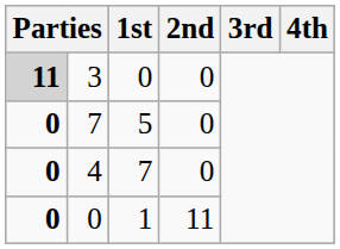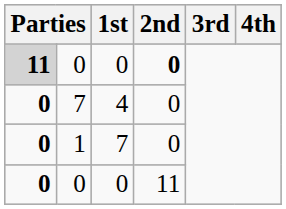 <table class="wikitable" style="text-align:right;">
 <tr>
 <th colspan=2 style="text-align:left;">Parties</th>
 <th>1st</th>
 <th>2nd</th>
 <th>3rd</th>
 <th>4th</th>
 </tr>
 <tr>
 <td style="background: lightgrey;"><strong>11</strong></td>
-<td>3</td>
 <td>0</td>
+<td>0</td>
+<td><strong>0</strong></td>
+</tr>
+<tr>
+<td><strong>0</strong></td>
+<td>7</td>
+<td>4</td>
 <td>0</td>
 </tr>
 <tr>
 <td><strong>0</strong></td>
-<td>7</td>
-<td>5</td>
-<td>0</td>
-</tr>
-<tr>
-<td><strong>0</strong></td>
-<td>4</td>
+<td>1</td>
 <td>7</td>
 <td>0</td>
 </tr>
 <tr>
 <td><strong>0</strong></td>
 <td>0</td>
-<td>1</td>
+<td>0</td>
 <td>11</td>
 </tr>
 </table>
